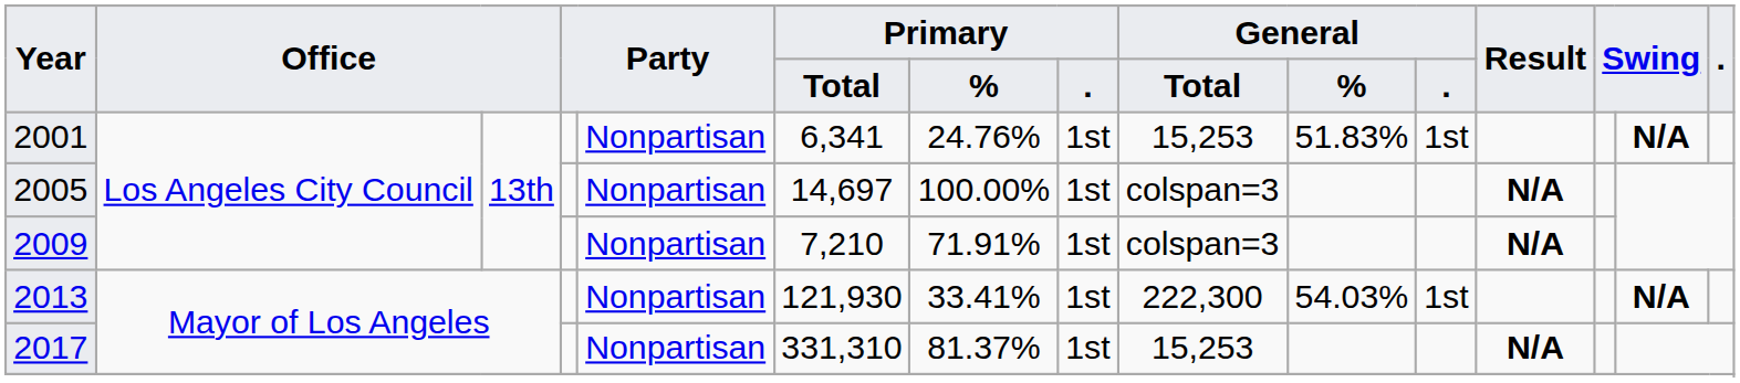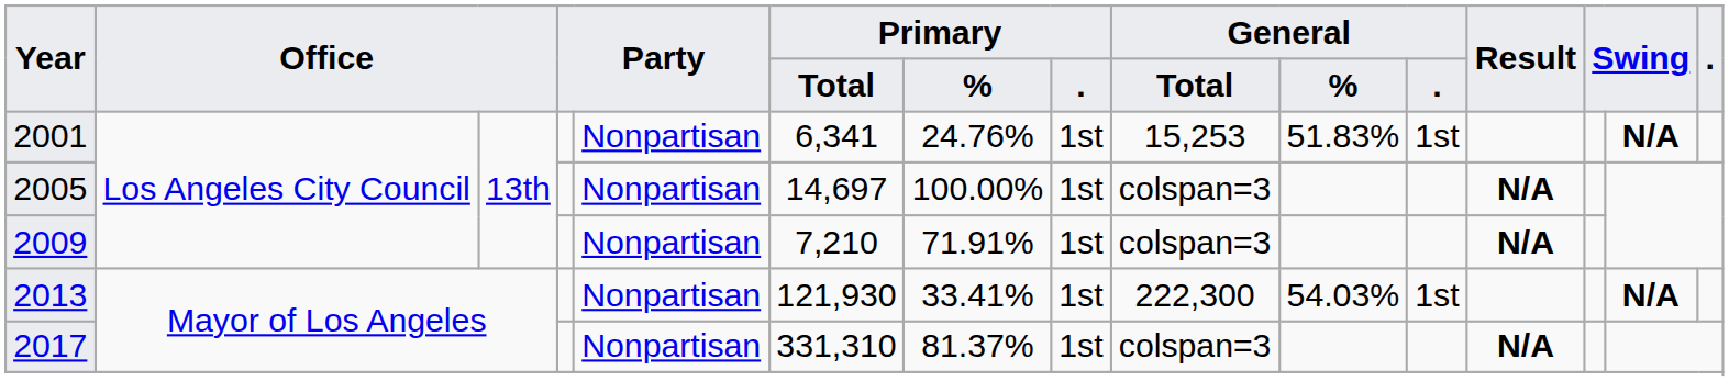 <table class="wikitable" style="font-size:90%; text-align:center;">
 <tr>
 <th style="background-color:#EAECF0;" rowspan=2>Year</th>
 <th colspan="2" rowspan="2" style="background-color:#EAECF0;">Office</th>
 <th style="background-color:#EAECF0;" colspan=2 rowspan=2>Party</th>
 <th style="background-color:#EAECF0;" colspan=3>Primary</th>
 <th style="background-color:#EAECF0;" colspan=3>General</th>
 <th style="background-color:#EAECF0;" rowspan=2>Result</th>
 <th style="background-color:#EAECF0;" colspan=2 rowspan=2><a href='#'>Swing</a></th>
 <th style="background-color:#EAECF0;" rowspan=2>.</th>
 </tr>
 <tr>
 <th style="background-color:#EAECF0;">Total</th>
 <th style="background-color:#EAECF0;">%</th>
 <th style="background-color:#EAECF0;">.</th>
 <th style="background-color:#EAECF0;">Total</th>
 <th style="background-color:#EAECF0;">%</th>
 <th style="background-color:#EAECF0;">.</th>
 </tr>
 <tr>
 <td style="background-color:#EAECF0;">2001</td>
 <td rowspan=3><a href='#'>Los Angeles City Council</a></td>
 <td rowspan="3"><a href='#'>13th</a></td>
 <td style="background-color:"></td>
 <td><a href='#'>Nonpartisan</a></td>
 <td>6,341</td>
 <td>24.76%</td>
 <td>1st</td>
 <td>15,253</td>
 <td>51.83%</td>
 <td>1st</td>
 <td></td>
 <td style="background-color:"></td>
 <td><strong>N/A</strong></td>
 <td></td>
 </tr>
 <tr>
 <td style="background-color:#EAECF0;">2005</td>
 <td style="background-color:"></td>
 <td><a href='#'>Nonpartisan</a></td>
 <td>14,697</td>
 <td>100.00%</td>
 <td>1st</td>
 <td>colspan=3 </td>
 <td></td>
 <td style="background-color:"></td>
 <td><strong>N/A</strong></td>
 <td></td>
 </tr>
 <tr>
 <td style="background-color:#EAECF0;"><a href='#'>2009</a></td>
 <td style="background-color:"></td>
 <td><a href='#'>Nonpartisan</a></td>
 <td>7,210</td>
 <td>71.91%</td>
 <td>1st</td>
 <td>colspan=3 </td>
 <td></td>
 <td style="background-color:"></td>
 <td><strong>N/A</strong></td>
 <td></td>
 </tr>
 <tr>
 <td style="background-color:#EAECF0;"><a href='#'>2013</a></td>
 <td rowspan=2 colspan=2><a href='#'>Mayor of Los Angeles</a></td>
 <td style="background-color:"></td>
 <td><a href='#'>Nonpartisan</a></td>
 <td>121,930</td>
 <td>33.41%</td>
 <td>1st</td>
 <td>222,300</td>
 <td>54.03%</td>
 <td>1st</td>
 <td></td>
 <td style="background-color:"></td>
 <td><strong>N/A</strong></td>
 <td></td>
 </tr>
 <tr>
 <td style="background-color:#EAECF0;"><a href='#'>2017</a></td>
 <td style="background-color:"></td>
 <td><a href='#'>Nonpartisan</a></td>
 <td>331,310</td>
 <td>81.37%</td>
 <td>1st</td>
-<td>15,253</td>
+<td>colspan=3 </td>
 <td></td>
 <td style="background-color:"></td>
 <td><strong>N/A</strong></td>
 <td></td>
 </tr>
 <tr>
 </tr>
 </table>
